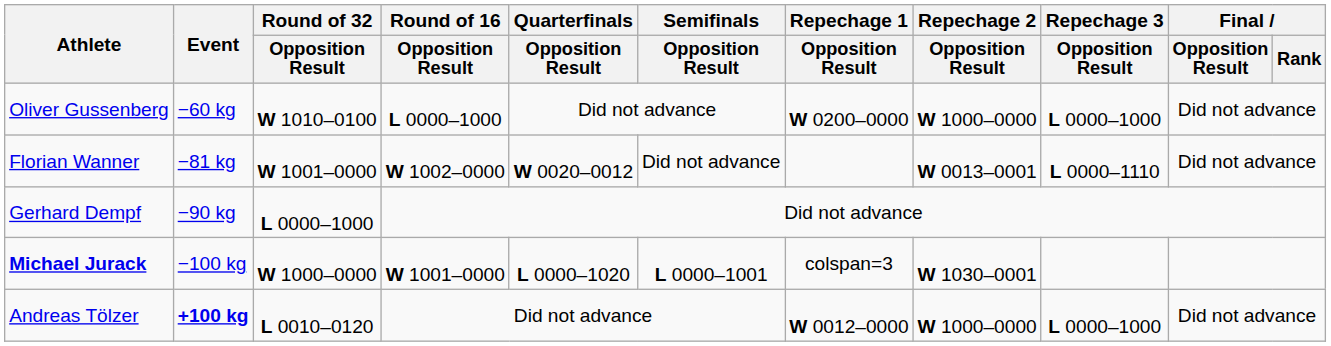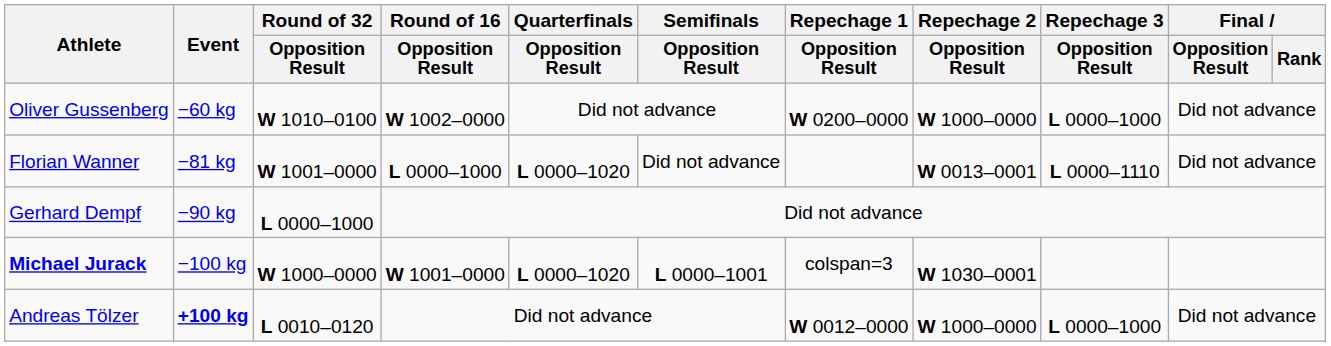 <table class="wikitable" style="font-size:90%">
 <tr>
 <th rowspan="2">Athlete</th>
 <th rowspan="2">Event</th>
 <th>Round of 32</th>
 <th>Round of 16</th>
 <th>Quarterfinals</th>
 <th>Semifinals</th>
 <th>Repechage 1</th>
 <th>Repechage 2</th>
 <th>Repechage 3</th>
 <th colspan=2>Final / </th>
 </tr>
 <tr style="font-size:95%">
 <th>Opposition<br>Result</th>
 <th>Opposition<br>Result</th>
 <th>Opposition<br>Result</th>
 <th>Opposition<br>Result</th>
 <th>Opposition<br>Result</th>
 <th>Opposition<br>Result</th>
 <th>Opposition<br>Result</th>
 <th>Opposition<br>Result</th>
 <th>Rank</th>
 </tr>
 <tr align=center>
 <td align=left><a href='#'>Oliver Gussenberg</a></td>
 <td align=left><a href='#'>−60 kg</a></td>
 <td><br><strong>W</strong> 1010–0100</td>
-<td><br><strong>L</strong> 0000–1000</td>
+<td><br><strong>W</strong> 1002–0000</td>
 <td colspan=2>Did not advance</td>
 <td><br><strong>W</strong> 0200–0000</td>
 <td><br><strong>W</strong> 1000–0000</td>
 <td><br><strong>L</strong> 0000–1000</td>
 <td colspan=2>Did not advance</td>
 </tr>
 <tr align=center>
 <td align=left><a href='#'>Florian Wanner</a></td>
 <td align=left><a href='#'>−81 kg</a></td>
 <td><br><strong>W</strong> 1001–0000</td>
-<td><br><strong>W</strong> 1002–0000</td>
-<td><br><strong>W</strong> 0020–0012</td>
+<td><br><strong>L</strong> 0000–1000</td>
+<td><br><strong>L</strong> 0000–1020</td>
 <td>Did not advance</td>
 <td></td>
 <td><br><strong>W</strong> 0013–0001</td>
 <td><br><strong>L</strong> 0000–1110</td>
 <td colspan=2>Did not advance</td>
 </tr>
 <tr align=center>
 <td align=left><a href='#'>Gerhard Dempf</a></td>
 <td align=left><a href='#'>−90 kg</a></td>
 <td><br><strong>L</strong> 0000–1000</td>
 <td colspan=8>Did not advance</td>
 </tr>
 <tr align=center>
 <td align=left><strong><a href='#'>Michael Jurack</a></strong></td>
 <td align=left><a href='#'>−100 kg</a></td>
 <td><br><strong>W</strong> 1000–0000</td>
 <td><br><strong>W</strong> 1001–0000</td>
 <td><br><strong>L</strong> 0000–1020</td>
 <td><br><strong>L</strong> 0000–1001</td>
 <td>colspan=3 </td>
 <td><br><strong>W</strong> 1030–0001</td>
 <td></td>
 </tr>
 <tr align=center>
 <td align=left><a href='#'>Andreas Tölzer</a></td>
 <td align=left><strong><a href='#'>+100 kg</a></strong></td>
 <td><br><strong>L</strong> 0010–0120</td>
 <td colspan=3>Did not advance</td>
 <td><br><strong>W</strong> 0012–0000</td>
 <td><br><strong>W</strong> 1000–0000</td>
 <td><br><strong>L</strong> 0000–1000</td>
 <td colspan=2>Did not advance</td>
 </tr>
 </table>
